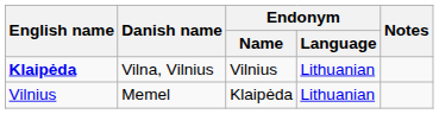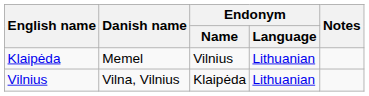 <table class="wikitable sortable mw-collapsible">
 <tr>
 <th rowspan="2">English name</th>
 <th rowspan="2">Danish name</th>
 <th colspan="2">Endonym</th>
 <th rowspan="2">Notes</th>
 </tr>
 <tr>
 <th>Name</th>
 <th>Language</th>
 </tr>
 <tr>
-<td><strong><a href='#'>Klaipėda</a></strong></td>
-<td>Vilna, Vilnius</td>
+<td><a href='#'>Klaipėda</a></td>
+<td>Memel</td>
 <td>Vilnius</td>
 <td><a href='#'>Lithuanian</a></td>
 <td></td>
 </tr>
 <tr>
 <td><a href='#'>Vilnius</a></td>
-<td>Memel</td>
+<td>Vilna, Vilnius</td>
 <td>Klaipėda</td>
 <td><a href='#'>Lithuanian</a></td>
 <td></td>
 </tr>
 </table>
